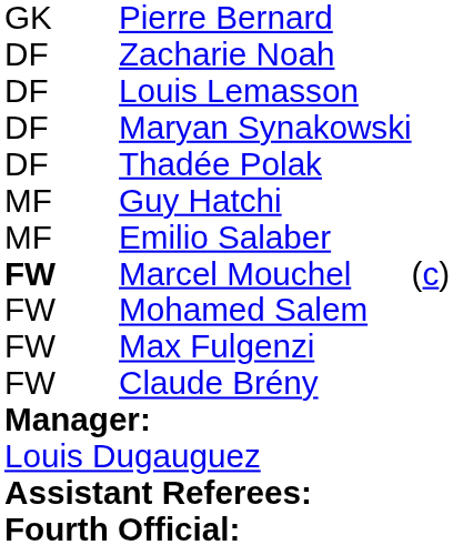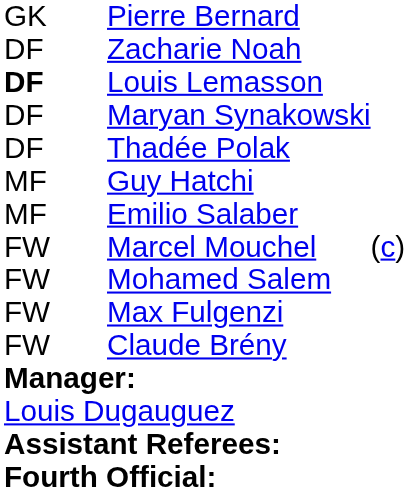 <table style=font-size:90% cellspacing=0 cellpadding=0>
 <tr>
 <td colspan=4></td>
 </tr>
 <tr>
 <th width=25></th>
 <th width=25></th>
 </tr>
 <tr>
 <td>GK</td>
 <td><strong> </strong></td>
 <td> <a href='#'>Pierre Bernard</a></td>
 </tr>
 <tr>
 <td>DF</td>
 <td><strong> </strong></td>
 <td> <a href='#'>Zacharie Noah</a></td>
 </tr>
 <tr>
-<td>DF</td>
+<td><strong>DF</strong></td>
 <td><strong> </strong></td>
 <td> <a href='#'>Louis Lemasson</a></td>
 </tr>
 <tr>
 <td>DF</td>
 <td><strong> </strong></td>
 <td> <a href='#'>Maryan Synakowski</a></td>
 </tr>
 <tr>
 <td>DF</td>
 <td><strong> </strong></td>
 <td> <a href='#'>Thadée Polak</a></td>
 </tr>
 <tr>
 <td>MF</td>
 <td><strong> </strong></td>
 <td> <a href='#'>Guy Hatchi</a></td>
 </tr>
 <tr>
 <td>MF</td>
 <td><strong> </strong></td>
 <td> <a href='#'>Emilio Salaber</a></td>
 </tr>
 <tr>
-<td><strong>FW</strong></td>
+<td>FW</td>
 <td><strong> </strong></td>
 <td> <a href='#'>Marcel Mouchel</a></td>
 <td>(<a href='#'>c</a>)</td>
 </tr>
 <tr>
 <td>FW</td>
 <td><strong> </strong></td>
 <td> <a href='#'>Mohamed Salem</a></td>
 </tr>
 <tr>
 <td>FW</td>
 <td><strong> </strong></td>
 <td> <a href='#'>Max Fulgenzi</a></td>
 </tr>
 <tr>
 <td>FW</td>
 <td><strong> </strong></td>
 <td> <a href='#'>Claude Brény</a></td>
 </tr>
 <tr>
 <td colspan=3><strong>Manager:</strong></td>
 </tr>
 <tr>
 <td colspan=4> <a href='#'>Louis Dugauguez</a><br><strong>Assistant Referees:</strong><br> <strong>Fourth Official:</strong><br></td>
 </tr>
 </table>
